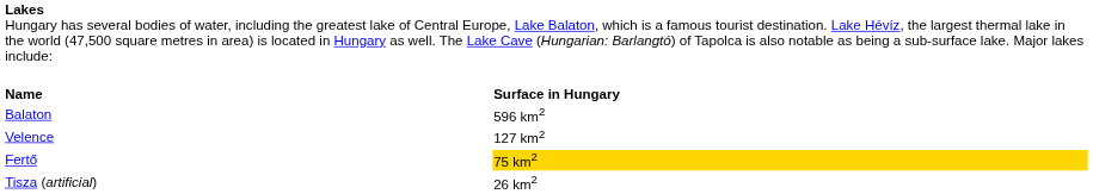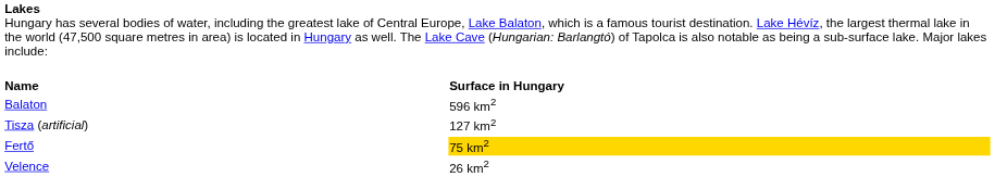 <table border=0 width=100%>
 <tr>
 <td colspan=2><strong>Lakes</strong><br>Hungary has several bodies of water, including the greatest lake of Central Europe, <a href='#'>Lake Balaton</a>, which is a famous tourist destination. <a href='#'>Lake Hévíz</a>, the largest thermal lake in the world (47,500 square metres in area) is located in <a href='#'>Hungary</a> as well. The <a href='#'>Lake Cave</a> (<em>Hungarian: Barlangtó</em>) of Tapolca is also notable as being a sub-surface lake. Major lakes include:</td>
 </tr>
 <tr>
 <td colspan=2> </td>
 </tr>
 <tr>
 <td width=45%><strong>Name</strong></td>
 <td><strong>Surface in Hungary</strong></td>
 </tr>
 <tr>
 <td><a href='#'>Balaton</a></td>
 <td>596 km<sup>2</sup></td>
 </tr>
 <tr>
-<td><a href='#'>Velence</a></td>
+<td><a href='#'>Tisza</a> (<em>artificial</em>)</td>
 <td>127 km<sup>2</sup></td>
 </tr>
 <tr>
 <td><a href='#'>Fertő</a></td>
 <td style="background: gold;">75 km<sup>2</sup></td>
 </tr>
 <tr>
-<td><a href='#'>Tisza</a> (<em>artificial</em>)</td>
+<td><a href='#'>Velence</a></td>
 <td>26 km<sup>2</sup></td>
 </tr>
 <tr>
 </tr>
 </table>
